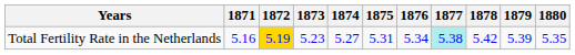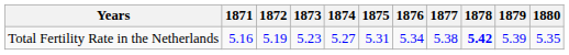 <table class="wikitable " style="text-align:right">
 <tr>
 <th>Years</th>
 <th>1871</th>
 <th>1872</th>
 <th>1873</th>
 <th>1874</th>
 <th>1875</th>
 <th>1876</th>
 <th>1877</th>
 <th>1878</th>
 <th>1879</th>
 <th>1880</th>
 </tr>
 <tr>
 <td align="left">Total Fertility Rate in the Netherlands</td>
 <td style="text-align:right; color:blue;">5.16</td>
-<td style="background: gold; text-align:right; color:blue;">5.19</td>
+<td style="text-align:right; color:blue;">5.19</td>
 <td style="text-align:right; color:blue;">5.23</td>
 <td style="text-align:right; color:blue;">5.27</td>
 <td style="text-align:right; color:blue;">5.31</td>
 <td style="text-align:right; color:blue;">5.34</td>
-<td style="background: paleturquoise; text-align:right; color:blue;">5.38</td>
-<td style="text-align:right; color:blue;">5.42</td>
+<td style="text-align:right; color:blue;">5.38</td>
+<td style="text-align:right; color:blue;"><strong>5.42</strong></td>
 <td style="text-align:right; color:blue;">5.39</td>
 <td style="text-align:right; color:blue;">5.35</td>
 </tr>
 </table>
